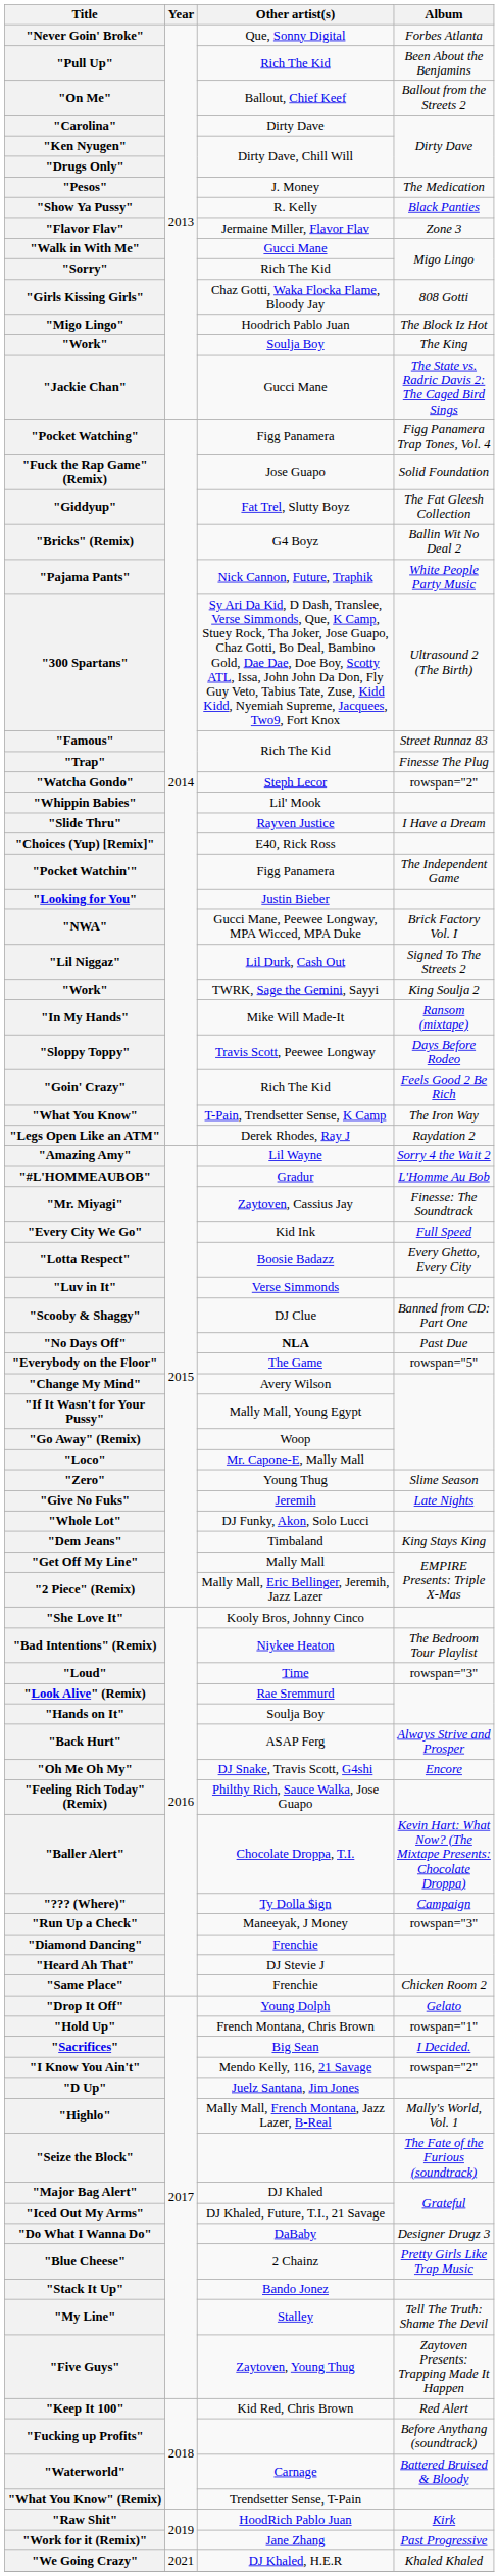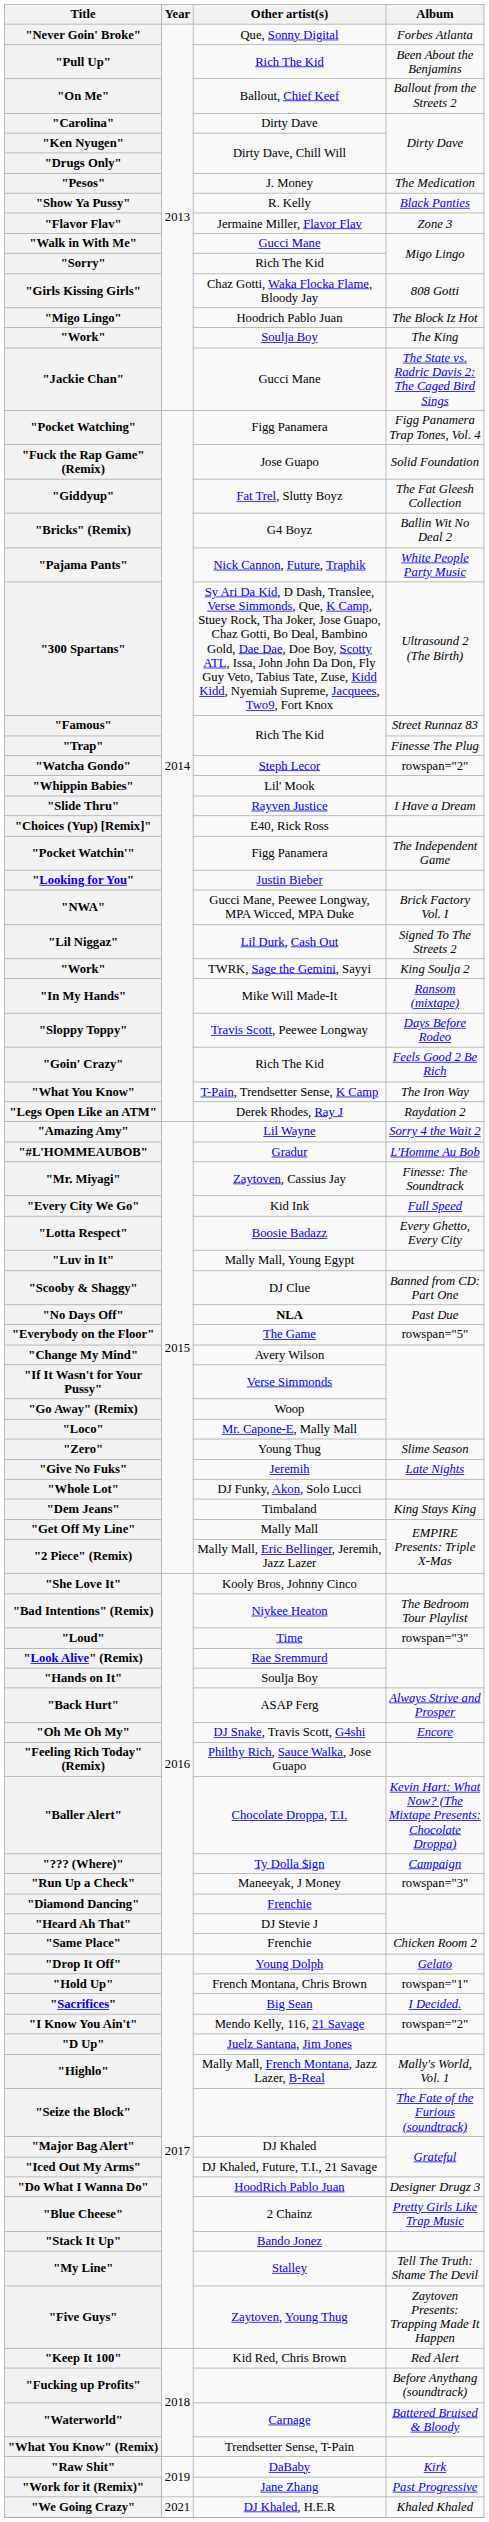 <table class="wikitable plainrowheaders" style="text-align:center;">
 <tr>
 <th scope="col" style="width:12em;">Title</th>
 <th scope="col">Year</th>
 <th scope="col">Other artist(s)</th>
 <th scope="col">Album</th>
 </tr>
 <tr>
 <th scope="row">"Never Goin' Broke"</th>
 <td rowspan="15">2013</td>
 <td>Que, <a href='#'>Sonny Digital</a></td>
 <td><em>Forbes Atlanta</em></td>
 </tr>
 <tr>
 <th scope="row">"Pull Up"</th>
 <td><a href='#'>Rich The Kid</a></td>
 <td><em>Been About the Benjamins</em></td>
 </tr>
 <tr>
 <th scope="row">"On Me"</th>
 <td>Ballout, <a href='#'>Chief Keef</a></td>
 <td><em>Ballout from the Streets 2</em></td>
 </tr>
 <tr>
 <th scope="row">"Carolina"</th>
 <td>Dirty Dave</td>
 <td rowspan="3"><em>Dirty Dave</em></td>
 </tr>
 <tr>
 <th scope="row">"Ken Nyugen"</th>
 <td rowspan="2">Dirty Dave, Chill Will</td>
 </tr>
 <tr>
 <th scope="row">"Drugs Only"</th>
 </tr>
 <tr>
 <th scope="row">"Pesos"</th>
 <td>J. Money</td>
 <td><em>The Medication</em></td>
 </tr>
 <tr>
 <th>"Show Ya Pussy"</th>
 <td>R. Kelly</td>
 <td><a href='#'><em>Black Panties</em></a></td>
 </tr>
 <tr>
 <th scope="row">"Flavor Flav"</th>
 <td>Jermaine Miller, <a href='#'>Flavor Flav</a></td>
 <td><em>Zone 3</em></td>
 </tr>
 <tr>
 <th scope="row">"Walk in With Me"</th>
 <td><a href='#'>Gucci Mane</a></td>
 <td rowspan="2"><em>Migo Lingo</em></td>
 </tr>
 <tr>
 <th scope="row">"Sorry"</th>
 <td>Rich The Kid</td>
 </tr>
 <tr>
 <th scope="row">"Girls Kissing Girls"</th>
 <td>Chaz Gotti, <a href='#'>Waka Flocka Flame</a>, Bloody Jay</td>
 <td><em>808 Gotti</em></td>
 </tr>
 <tr>
 <th scope="row">"Migo Lingo"</th>
 <td>Hoodrich Pablo Juan</td>
 <td><em>The Block Iz Hot</em></td>
 </tr>
 <tr>
 <th scope="row">"Work"</th>
 <td><a href='#'>Soulja Boy</a></td>
 <td><em>The King</em></td>
 </tr>
 <tr>
 <th scope="row">"Jackie Chan"</th>
 <td>Gucci Mane</td>
 <td><em><a href='#'>The State vs. Radric Davis 2: The Caged Bird Sings</a></em></td>
 </tr>
 <tr>
 <th scope="row">"Pocket Watching"</th>
 <td rowspan="22">2014</td>
 <td>Figg Panamera</td>
 <td><em>Figg Panamera Trap Tones, Vol. 4</em></td>
 </tr>
 <tr>
 <th scope="row">"Fuck the Rap Game" (Remix)</th>
 <td>Jose Guapo</td>
 <td><em>Solid Foundation</em></td>
 </tr>
 <tr>
 <th scope="row">"Giddyup"</th>
 <td><a href='#'>Fat Trel</a>, Slutty Boyz</td>
 <td><em>The Fat Gleesh Collection</em></td>
 </tr>
 <tr>
 <th scope="row">"Bricks" (Remix)</th>
 <td>G4 Boyz</td>
 <td><em>Ballin Wit No Deal 2</em></td>
 </tr>
 <tr>
 <th scope="row">"Pajama Pants"</th>
 <td><a href='#'>Nick Cannon</a>, <a href='#'>Future</a>, <a href='#'>Traphik</a></td>
 <td><em><a href='#'>White People Party Music</a></em></td>
 </tr>
 <tr>
 <th scope="row">"300 Spartans"</th>
 <td><a href='#'>Sy Ari Da Kid</a>, D Dash, Translee, <a href='#'>Verse Simmonds</a>, Que, <a href='#'>K Camp</a>, Stuey Rock, Tha Joker, Jose Guapo, Chaz Gotti, Bo Deal, Bambino Gold, <a href='#'>Dae Dae</a>, Doe Boy, <a href='#'>Scotty ATL</a>, Issa, John John Da Don, Fly Guy Veto, Tabius Tate, Zuse, <a href='#'>Kidd Kidd</a>, Nyemiah Supreme, <a href='#'>Jacquees</a>, <a href='#'>Two9</a>, Fort Knox</td>
 <td><em>Ultrasound 2 (The Birth)</em></td>
 </tr>
 <tr>
 <th scope="row">"Famous"</th>
 <td rowspan="2">Rich The Kid</td>
 <td><em>Street Runnaz 83</em></td>
 </tr>
 <tr>
 <th scope="row">"Trap"</th>
 <td><em>Finesse The Plug</em></td>
 </tr>
 <tr>
 <th scope="row">"Watcha Gondo"</th>
 <td><a href='#'>Steph Lecor</a></td>
 <td>rowspan="2" </td>
 </tr>
 <tr>
 <th scope="row">"Whippin Babies"</th>
 <td>Lil' Mook</td>
 </tr>
 <tr>
 <th scope="row">"Slide Thru"</th>
 <td><a href='#'>Rayven Justice</a></td>
 <td><em>I Have a Dream</em></td>
 </tr>
 <tr>
 <th>"Choices (Yup) [Remix]"</th>
 <td>E40, Rick Ross</td>
 <td></td>
 </tr>
 <tr>
 <th scope="row">"Pocket Watchin'"</th>
 <td>Figg Panamera</td>
 <td><em>The Independent Game</em></td>
 </tr>
 <tr>
 <th scope="row">"<a href='#'>Looking for You</a>"</th>
 <td><a href='#'>Justin Bieber</a></td>
 <td></td>
 </tr>
 <tr>
 <th scope="row">"NWA"</th>
 <td>Gucci Mane, Peewee Longway, MPA Wicced, MPA Duke</td>
 <td><em>Brick Factory Vol. I</em></td>
 </tr>
 <tr>
 <th scope="row">"Lil Niggaz"</th>
 <td><a href='#'>Lil Durk</a>, <a href='#'>Cash Out</a></td>
 <td><em>Signed To The Streets 2</em></td>
 </tr>
 <tr>
 <th scope="row">"Work"</th>
 <td>TWRK, <a href='#'>Sage the Gemini</a>, Sayyi</td>
 <td><em>King Soulja 2</em></td>
 </tr>
 <tr>
 <th>"In My Hands"</th>
 <td>Mike Will Made-It</td>
 <td><a href='#'><em>Ransom (mixtape)</em></a></td>
 </tr>
 <tr>
 <th scope="row">"Sloppy Toppy"</th>
 <td><a href='#'>Travis Scott</a>, Peewee Longway</td>
 <td><em><a href='#'>Days Before Rodeo</a></em></td>
 </tr>
 <tr>
 <th scope="row">"Goin' Crazy"</th>
 <td>Rich The Kid</td>
 <td><em><a href='#'>Feels Good 2 Be Rich</a></em></td>
 </tr>
 <tr>
 <th scope="row">"What You Know"</th>
 <td><a href='#'>T-Pain</a>, Trendsetter Sense, <a href='#'>K Camp</a></td>
 <td><em>The Iron Way</em></td>
 </tr>
 <tr>
 <th scope="row">"Legs Open Like an ATM"</th>
 <td>Derek Rhodes, <a href='#'>Ray J</a></td>
 <td><em>Raydation 2</em></td>
 </tr>
 <tr>
 <th scope="row">"Amazing Amy"</th>
 <td rowspan="19">2015</td>
 <td><a href='#'>Lil Wayne</a></td>
 <td><em><a href='#'>Sorry 4 the Wait 2</a></em></td>
 </tr>
 <tr>
 <th scope="row">"#L'HOMMEAUBOB"</th>
 <td><a href='#'>Gradur</a></td>
 <td><em><a href='#'>L'Homme Au Bob</a></em></td>
 </tr>
 <tr>
 <th scope="row">"Mr. Miyagi"</th>
 <td><a href='#'>Zaytoven</a>, Cassius Jay</td>
 <td><em>Finesse: The Soundtrack</em></td>
 </tr>
 <tr>
 <th>"Every City We Go"</th>
 <td>Kid Ink</td>
 <td><a href='#'><em>Full Speed</em></a></td>
 </tr>
 <tr>
 <th scope="row">"Lotta Respect"</th>
 <td><a href='#'>Boosie Badazz</a></td>
 <td><em>Every Ghetto, Every City</em></td>
 </tr>
 <tr>
 <th scope="row">"Luv in It"</th>
-<td><a href='#'>Verse Simmonds</a></td>
+<td>Mally Mall, Young Egypt</td>
 <td></td>
 </tr>
 <tr>
 <th scope="row">"Scooby & Shaggy"</th>
 <td>DJ Clue</td>
 <td><em>Banned from CD: Part One</em></td>
 </tr>
 <tr>
 <th scope="row">"No Days Off"</th>
 <td><strong>NLA</strong></td>
 <td><em>Past Due</em></td>
 </tr>
 <tr>
 <th scope="row">"Everybody on the Floor"</th>
 <td><a href='#'>The Game</a></td>
 <td>rowspan="5" </td>
 </tr>
 <tr>
 <th scope="row">"Change My Mind"</th>
 <td>Avery Wilson</td>
 </tr>
 <tr>
 <th scope="row">"If It Wasn't for Your Pussy"</th>
-<td>Mally Mall, Young Egypt</td>
+<td><a href='#'>Verse Simmonds</a></td>
 </tr>
 <tr>
 <th scope="row">"Go Away" (Remix)</th>
 <td>Woop</td>
 </tr>
 <tr>
 <th scope="row">"Loco"</th>
 <td><a href='#'>Mr. Capone-E</a>, Mally Mall</td>
 </tr>
 <tr>
 <th>"Zero"</th>
 <td>Young Thug</td>
 <td><em>Slime Season</em></td>
 </tr>
 <tr>
 <th scope="row">"Give No Fuks"</th>
 <td><a href='#'>Jeremih</a></td>
 <td><em><a href='#'>Late Nights</a></em></td>
 </tr>
 <tr>
 <th scope="row">"Whole Lot"</th>
 <td>DJ Funky, <a href='#'>Akon</a>, Solo Lucci</td>
 <td></td>
 </tr>
 <tr>
 <th>"Dem Jeans"</th>
 <td>Timbaland</td>
 <td><em>King Stays King</em></td>
 </tr>
 <tr>
 <th scope="row">"Get Off My Line"</th>
 <td>Mally Mall</td>
 <td rowspan="2"><em>EMPIRE Presents: Triple X-Mas</em></td>
 </tr>
 <tr>
 <th scope="row">"2 Piece" (Remix)</th>
 <td>Mally Mall, <a href='#'>Eric Bellinger</a>, Jeremih, Jazz Lazer</td>
 </tr>
 <tr>
 <th scope="row">"She Love It"</th>
 <td rowspan="14">2016</td>
 <td>Kooly Bros, Johnny Cinco</td>
 <td></td>
 </tr>
 <tr>
 <th scope="row">"Bad Intentions" (Remix)</th>
 <td><a href='#'>Niykee Heaton</a></td>
 <td><em>The Bedroom Tour Playlist</em></td>
 </tr>
 <tr>
 <th scope="row">"Loud"</th>
 <td><a href='#'>Time</a></td>
 <td>rowspan="3" </td>
 </tr>
 <tr>
 <th scope="row">"<a href='#'>Look Alive</a>" (Remix)</th>
 <td><a href='#'>Rae Sremmurd</a></td>
 </tr>
 <tr>
 <th scope="row">"Hands on It"</th>
 <td>Soulja Boy</td>
 </tr>
 <tr>
 <th>"Back Hurt"</th>
 <td>ASAP Ferg</td>
 <td><a href='#'><em>Always Strive and Prosper</em></a></td>
 </tr>
 <tr>
 <th scope="row">"Oh Me Oh My"</th>
 <td><a href='#'>DJ Snake</a>, Travis Scott, <a href='#'>G4shi</a></td>
 <td><em><a href='#'>Encore</a></em></td>
 </tr>
 <tr>
 <th scope="row">"Feeling Rich Today" (Remix)</th>
 <td><a href='#'>Philthy Rich</a>, <a href='#'>Sauce Walka</a>, Jose Guapo</td>
 <td></td>
 </tr>
 <tr>
 <th scope="row">"Baller Alert"</th>
 <td><a href='#'>Chocolate Droppa</a>, <a href='#'>T.I.</a></td>
 <td><em><a href='#'>Kevin Hart: What Now? (The Mixtape Presents: Chocolate Droppa)</a></em></td>
 </tr>
 <tr>
 <th scope="row">"??? (Where)"</th>
 <td><a href='#'>Ty Dolla $ign</a></td>
 <td><em><a href='#'>Campaign</a></em></td>
 </tr>
 <tr>
 <th scope="row">"Run Up a Check"</th>
 <td>Maneeyak, J Money</td>
 <td>rowspan="3" </td>
 </tr>
 <tr>
 <th scope="row">"Diamond Dancing"</th>
 <td><a href='#'>Frenchie</a></td>
 </tr>
 <tr>
 <th scope="row">"Heard Ah That"</th>
 <td>DJ Stevie J</td>
 </tr>
 <tr>
 <th scope="row">"Same Place"</th>
 <td>Frenchie</td>
 <td><em>Chicken Room 2</em></td>
 </tr>
 <tr>
 <th scope="row">"Drop It Off"</th>
 <td rowspan="14">2017</td>
 <td><a href='#'>Young Dolph</a></td>
 <td><a href='#'><em>Gelato</em></a></td>
 </tr>
 <tr>
 <th scope="row">"Hold Up"</th>
 <td>French Montana, Chris Brown</td>
 <td>rowspan="1" </td>
 </tr>
 <tr>
 <th scope="row">"<a href='#'>Sacrifices</a>"</th>
 <td><a href='#'>Big Sean</a></td>
 <td><a href='#'><em>I Decided.</em></a></td>
 </tr>
 <tr>
 <th scope="row">"I Know You Ain't"</th>
 <td>Mendo Kelly, 116, <a href='#'>21 Savage</a></td>
 <td>rowspan="2" </td>
 </tr>
 <tr>
 <th scope="row">"D Up"</th>
 <td><a href='#'>Juelz Santana</a>, <a href='#'>Jim Jones</a></td>
 </tr>
 <tr>
 <th scope="row">"Highlo"</th>
 <td>Mally Mall, <a href='#'>French Montana</a>, Jazz Lazer, <a href='#'>B-Real</a></td>
 <td><em>Mally's World, Vol. 1</em></td>
 </tr>
 <tr>
 <th>"Seize the Block"</th>
 <td></td>
 <td><a href='#'><em>The Fate of the Furious (soundtrack)</em></a></td>
 </tr>
 <tr>
 <th>"Major Bag Alert"</th>
 <td>DJ Khaled</td>
 <td rowspan="2"><a href='#'><em>Grateful</em></a></td>
 </tr>
 <tr>
 <th>"Iced Out My Arms"</th>
 <td>DJ Khaled, Future, T.I., 21 Savage</td>
 </tr>
 <tr>
 <th scope="row">"Do What I Wanna Do"</th>
-<td><a href='#'>DaBaby</a></td>
+<td><a href='#'>HoodRich Pablo Juan</a></td>
 <td><em>Designer Drugz 3</em></td>
 </tr>
 <tr>
 <th>"Blue Cheese"</th>
 <td>2 Chainz</td>
 <td><a href='#'><em>Pretty Girls Like Trap Music</em></a></td>
 </tr>
 <tr>
 <th scope="row">"Stack It Up"</th>
 <td><a href='#'>Bando Jonez</a></td>
 <td></td>
 </tr>
 <tr>
 <th scope="row">"My Line"</th>
 <td><a href='#'>Stalley</a></td>
 <td><em>Tell The Truth: Shame The Devil</em></td>
 </tr>
 <tr>
 <th scope="row">"Five Guys"</th>
 <td><a href='#'>Zaytoven</a>, <a href='#'>Young Thug</a></td>
 <td><em>Zaytoven Presents: Trapping Made It Happen</em></td>
 </tr>
 <tr>
 <th scope="row">"Keep It 100"</th>
 <td rowspan="4">2018</td>
 <td>Kid Red, Chris Brown</td>
 <td><em>Red Alert</em></td>
 </tr>
 <tr>
 <th>"Fucking up Profits"</th>
 <td></td>
 <td><em>Before Anythang (soundtrack)</em></td>
 </tr>
 <tr>
 <th scope="row">"Waterworld"</th>
 <td><a href='#'>Carnage</a></td>
 <td><em><a href='#'>Battered Bruised & Bloody</a></em></td>
 </tr>
 <tr>
 <th scope="row">"What You Know" (Remix)</th>
 <td>Trendsetter Sense, T-Pain</td>
 <td></td>
 </tr>
 <tr>
 <th scope="row">"Raw Shit"</th>
 <td rowspan="2">2019</td>
-<td><a href='#'>HoodRich Pablo Juan</a></td>
+<td><a href='#'>DaBaby</a></td>
 <td><em><a href='#'>Kirk</a></em></td>
 </tr>
 <tr>
 <th scope="row">"Work for it (Remix)"</th>
 <td><a href='#'>Jane Zhang</a></td>
 <td><em><a href='#'>Past Progressive</a></em></td>
 </tr>
 <tr>
 <th scope="row">"We Going Crazy"</th>
 <td>2021</td>
 <td><a href='#'>DJ Khaled</a>, H.E.R</td>
 <td><em>Khaled Khaled</em></td>
 </tr>
 <tr>
 </tr>
 </table>
